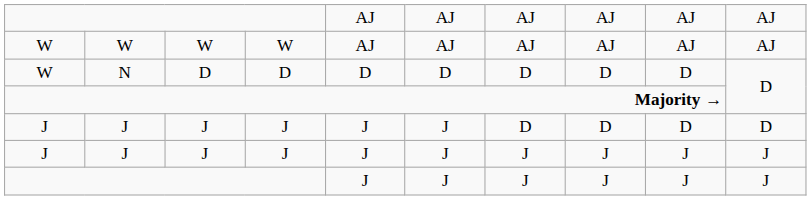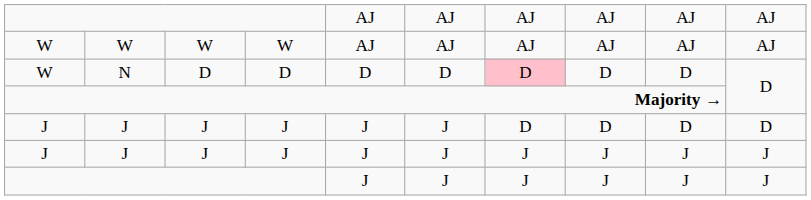 <table class="wikitable" style="text-align:center" width=750px>
 <tr>
 <td colspan=4> </td>
 <td>AJ</td>
 <td>AJ</td>
 <td>AJ</td>
 <td>AJ</td>
 <td>AJ</td>
 <td>AJ</td>
 </tr>
 <tr>
 <td width=50px >W<br></td>
 <td width=50px >W<br></td>
 <td width=50px >W<br></td>
 <td width=50px >W<br></td>
 <td width=50px >AJ</td>
 <td width=50px >AJ</td>
 <td width=50px >AJ</td>
 <td width=50px >AJ</td>
 <td width=50px >AJ</td>
 <td width=50px >AJ</td>
 </tr>
 <tr>
 <td>W<br></td>
 <td>N</td>
 <td>D<br></td>
 <td>D<br></td>
 <td>D<br></td>
 <td>D<br></td>
-<td>D<br></td>
+<td style="background: pink;">D<br></td>
 <td>D<br></td>
 <td>D<br></td>
 <td rowspan=2 >D<br></td>
 </tr>
 <tr>
 <td colspan=9 align=right><strong>Majority →</strong></td>
 </tr>
 <tr>
 <td>J</td>
 <td>J</td>
 <td>J</td>
 <td>J</td>
 <td>J</td>
 <td>J</td>
 <td>D<br></td>
 <td>D<br></td>
 <td>D<br></td>
 <td>D<br></td>
 </tr>
 <tr>
 <td>J</td>
 <td>J</td>
 <td>J</td>
 <td>J</td>
 <td>J</td>
 <td>J</td>
 <td>J</td>
 <td>J</td>
 <td>J</td>
 <td>J</td>
 </tr>
 <tr>
 <td colspan=4> </td>
 <td>J</td>
 <td>J</td>
 <td>J</td>
 <td>J</td>
 <td>J</td>
 <td>J</td>
 </tr>
 </table>
